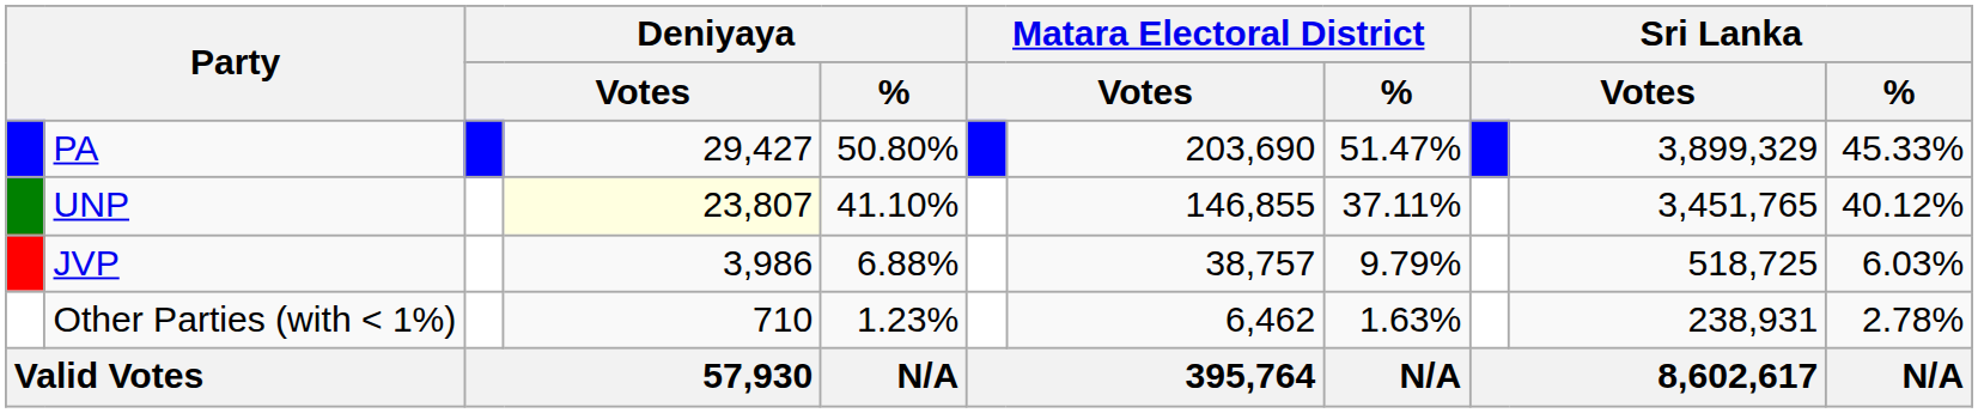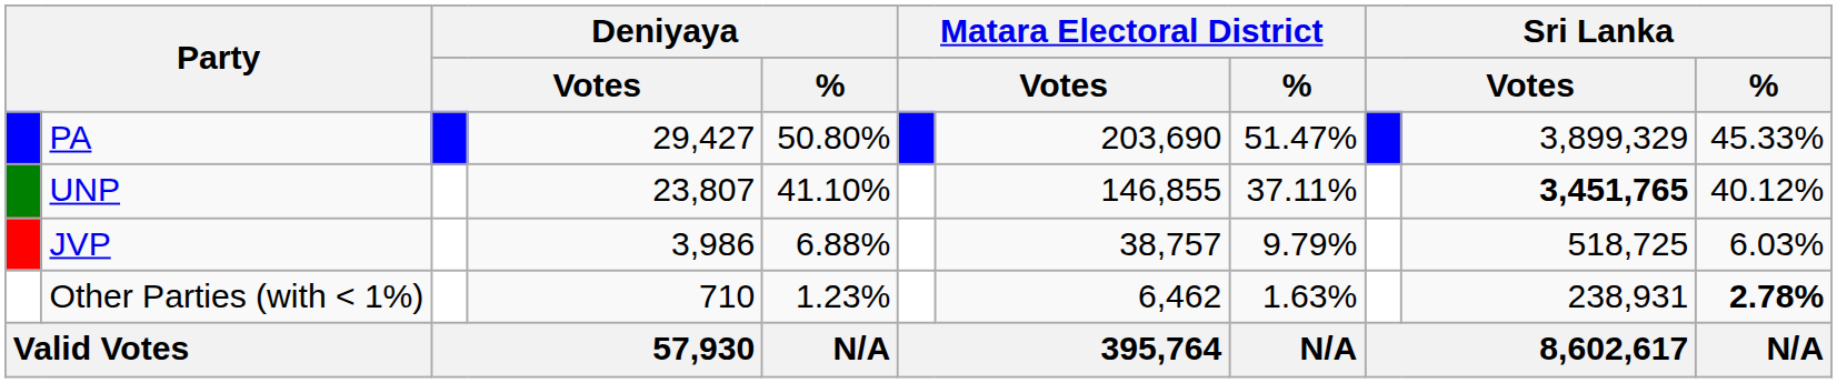 <table class="wikitable">
 <tr>
 <th colspan="2" width="144px"rowspan="2">Party</th>
 <th colspan="3" width="216px">Deniyaya</th>
 <th colspan="3" width="216px"><a href='#'>Matara Electoral District</a></th>
 <th colspan="3" width="216px">Sri Lanka</th>
 </tr>
 <tr>
 <th colspan="2" width="144px">Votes</th>
 <th>%</th>
 <th colspan="2" width="144px">Votes</th>
 <th>%</th>
 <th colspan="2" width="144px">Votes</th>
 <th>%</th>
 </tr>
 <tr>
 <td style="background-color:blue;" width="10px"></td>
 <td style="text-align:left;"><a href='#'>PA</a></td>
 <td style="background-color:blue;" width="10px"></td>
 <td style="text-align:right;">29,427</td>
 <td style="text-align:right;">50.80%</td>
 <td style="background-color:blue;" width="10px"></td>
 <td style="text-align:right;">203,690</td>
 <td style="text-align:right;">51.47%</td>
 <td style="background-color:blue;" width="10px"></td>
 <td style="text-align:right;">3,899,329</td>
 <td style="text-align:right;">45.33%</td>
 </tr>
 <tr>
 <td style="background-color:green;" width="10px"></td>
 <td style="text-align:left;"><a href='#'>UNP</a></td>
 <td style="background-color:white;" width="10px"></td>
-<td style="background: lightyellow; text-align:right;">23,807</td>
+<td style="text-align:right;">23,807</td>
 <td style="text-align:right;">41.10%</td>
 <td style="background-color:white;" width="10px"></td>
 <td style="text-align:right;">146,855</td>
 <td style="text-align:right;">37.11%</td>
 <td style="background-color:white;" width="10px"></td>
-<td style="text-align:right;">3,451,765</td>
+<td style="text-align:right;"><strong>3,451,765</strong></td>
 <td style="text-align:right;">40.12%</td>
 </tr>
 <tr>
 <td style="background-color:red;" width="10px"></td>
 <td style="text-align:left;"><a href='#'>JVP</a></td>
 <td style="background-color:white;" width="10px"></td>
 <td style="text-align:right;">3,986</td>
 <td style="text-align:right;">6.88%</td>
 <td style="background-color:white;" width="10px"></td>
 <td style="text-align:right;">38,757</td>
 <td style="text-align:right;">9.79%</td>
 <td style="background-color:white;" width="10px"></td>
 <td style="text-align:right;">518,725</td>
 <td style="text-align:right;">6.03%</td>
 </tr>
 <tr>
 <td style="background-color:white;" width="10px"></td>
 <td style="text-align:left;">Other Parties (with < 1%)</td>
 <td style="background-color:white;" width="10px"></td>
 <td style="text-align:right;">710</td>
 <td style="text-align:right;">1.23%</td>
 <td style="background-color:white;" width="10px"></td>
 <td style="text-align:right;">6,462</td>
 <td style="text-align:right;">1.63%</td>
 <td style="background-color:white;" width="10px"></td>
 <td style="text-align:right;">238,931</td>
-<td style="text-align:right;">2.78%</td>
+<td style="text-align:right;"><strong>2.78%</strong></td>
 </tr>
 <tr>
 <th colspan="2" width="144px"style="text-align:left;">Valid Votes</th>
 <th style="text-align:right;"colspan="2" width="144px">57,930</th>
 <th style="text-align:right;">N/A</th>
 <th style="text-align:right;"colspan="2" width="144px">395,764</th>
 <th style="text-align:right;">N/A</th>
 <th style="text-align:right;"colspan="2" width="144px">8,602,617</th>
 <th style="text-align:right;">N/A</th>
 </tr>
 </table>
